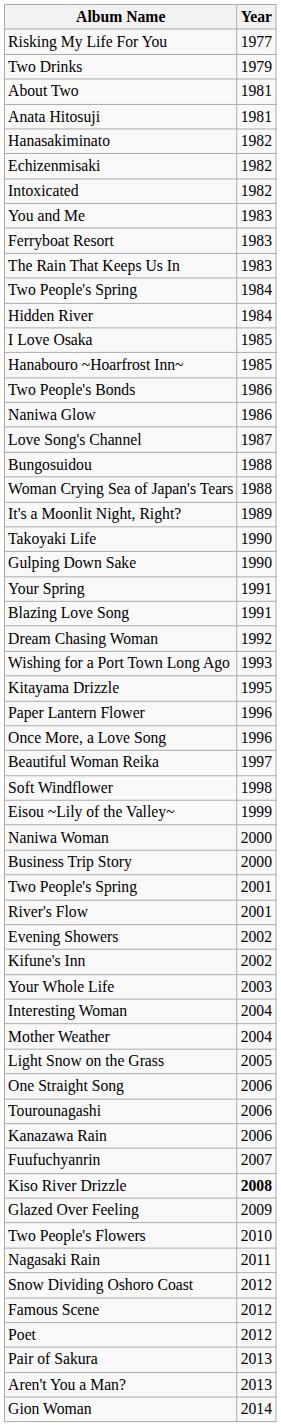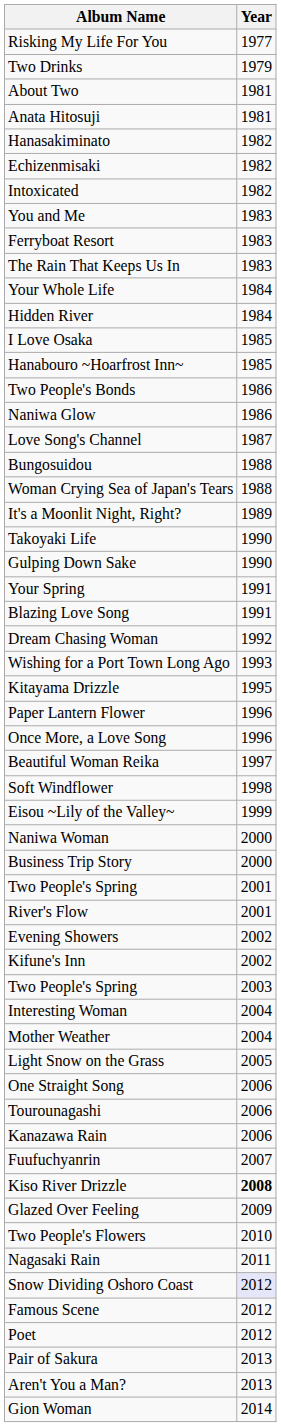 <table class="wikitable">
 <tr>
 <th>Album Name</th>
 <th>Year</th>
 </tr>
 <tr>
 <td>Risking My Life For You</td>
 <td>1977</td>
 </tr>
 <tr>
 <td>Two Drinks</td>
 <td>1979</td>
 </tr>
 <tr>
 <td>About Two</td>
 <td>1981</td>
 </tr>
 <tr>
 <td>Anata Hitosuji</td>
 <td>1981</td>
 </tr>
 <tr>
 <td>Hanasakiminato</td>
 <td>1982</td>
 </tr>
 <tr>
 <td>Echizenmisaki</td>
 <td>1982</td>
 </tr>
 <tr>
 <td>Intoxicated</td>
 <td>1982</td>
 </tr>
 <tr>
 <td>You and Me</td>
 <td>1983</td>
 </tr>
 <tr>
 <td>Ferryboat Resort</td>
 <td>1983</td>
 </tr>
 <tr>
 <td>The Rain That Keeps Us In</td>
 <td>1983</td>
 </tr>
 <tr>
-<td>Two People's Spring</td>
+<td>Your Whole Life</td>
 <td>1984</td>
 </tr>
 <tr>
 <td>Hidden River</td>
 <td>1984</td>
 </tr>
 <tr>
 <td>I Love Osaka</td>
 <td>1985</td>
 </tr>
 <tr>
 <td>Hanabouro ~Hoarfrost Inn~</td>
 <td>1985</td>
 </tr>
 <tr>
 <td>Two People's Bonds</td>
 <td>1986</td>
 </tr>
 <tr>
 <td>Naniwa Glow</td>
 <td>1986</td>
 </tr>
 <tr>
 <td>Love Song's Channel</td>
 <td>1987</td>
 </tr>
 <tr>
 <td>Bungosuidou</td>
 <td>1988</td>
 </tr>
 <tr>
 <td>Woman Crying Sea of Japan's Tears</td>
 <td>1988</td>
 </tr>
 <tr>
 <td>It's a Moonlit Night, Right?</td>
 <td>1989</td>
 </tr>
 <tr>
 <td>Takoyaki Life</td>
 <td>1990</td>
 </tr>
 <tr>
 <td>Gulping Down Sake</td>
 <td>1990</td>
 </tr>
 <tr>
 <td>Your Spring</td>
 <td>1991</td>
 </tr>
 <tr>
 <td>Blazing Love Song</td>
 <td>1991</td>
 </tr>
 <tr>
 <td>Dream Chasing Woman</td>
 <td>1992</td>
 </tr>
 <tr>
 <td>Wishing for a Port Town Long Ago</td>
 <td>1993</td>
 </tr>
 <tr>
 <td>Kitayama Drizzle</td>
 <td>1995</td>
 </tr>
 <tr>
 <td>Paper Lantern Flower</td>
 <td>1996</td>
 </tr>
 <tr>
 <td>Once More, a Love Song</td>
 <td>1996</td>
 </tr>
 <tr>
 <td>Beautiful Woman Reika</td>
 <td>1997</td>
 </tr>
 <tr>
 <td>Soft Windflower</td>
 <td>1998</td>
 </tr>
 <tr>
 <td>Eisou ~Lily of the Valley~</td>
 <td>1999</td>
 </tr>
 <tr>
 <td>Naniwa Woman</td>
 <td>2000</td>
 </tr>
 <tr>
 <td>Business Trip Story</td>
 <td>2000</td>
 </tr>
 <tr>
 <td>Two People's Spring</td>
 <td>2001</td>
 </tr>
 <tr>
 <td>River's Flow</td>
 <td>2001</td>
 </tr>
 <tr>
 <td>Evening Showers</td>
 <td>2002</td>
 </tr>
 <tr>
 <td>Kifune's Inn</td>
 <td>2002</td>
 </tr>
 <tr>
-<td>Your Whole Life</td>
+<td>Two People's Spring</td>
 <td>2003</td>
 </tr>
 <tr>
 <td>Interesting Woman</td>
 <td>2004</td>
 </tr>
 <tr>
 <td>Mother Weather</td>
 <td>2004</td>
 </tr>
 <tr>
 <td>Light Snow on the Grass</td>
 <td>2005</td>
 </tr>
 <tr>
 <td>One Straight Song</td>
 <td>2006</td>
 </tr>
 <tr>
 <td>Tourounagashi</td>
 <td>2006</td>
 </tr>
 <tr>
 <td>Kanazawa Rain</td>
 <td>2006</td>
 </tr>
 <tr>
 <td>Fuufuchyanrin</td>
 <td>2007</td>
 </tr>
 <tr>
 <td>Kiso River Drizzle</td>
 <td><strong>2008</strong></td>
 </tr>
 <tr>
 <td>Glazed Over Feeling</td>
 <td>2009</td>
 </tr>
 <tr>
 <td>Two People's Flowers</td>
 <td>2010</td>
 </tr>
 <tr>
 <td>Nagasaki Rain</td>
 <td>2011</td>
 </tr>
 <tr>
 <td>Snow Dividing Oshoro Coast</td>
-<td>2012</td>
+<td style="background: lavender;">2012</td>
 </tr>
 <tr>
 <td>Famous Scene</td>
 <td>2012</td>
 </tr>
 <tr>
 <td>Poet</td>
 <td>2012</td>
 </tr>
 <tr>
 <td>Pair of Sakura</td>
 <td>2013</td>
 </tr>
 <tr>
 <td>Aren't You a Man?</td>
 <td>2013</td>
 </tr>
 <tr>
 <td>Gion Woman</td>
 <td>2014</td>
 </tr>
 </table>
